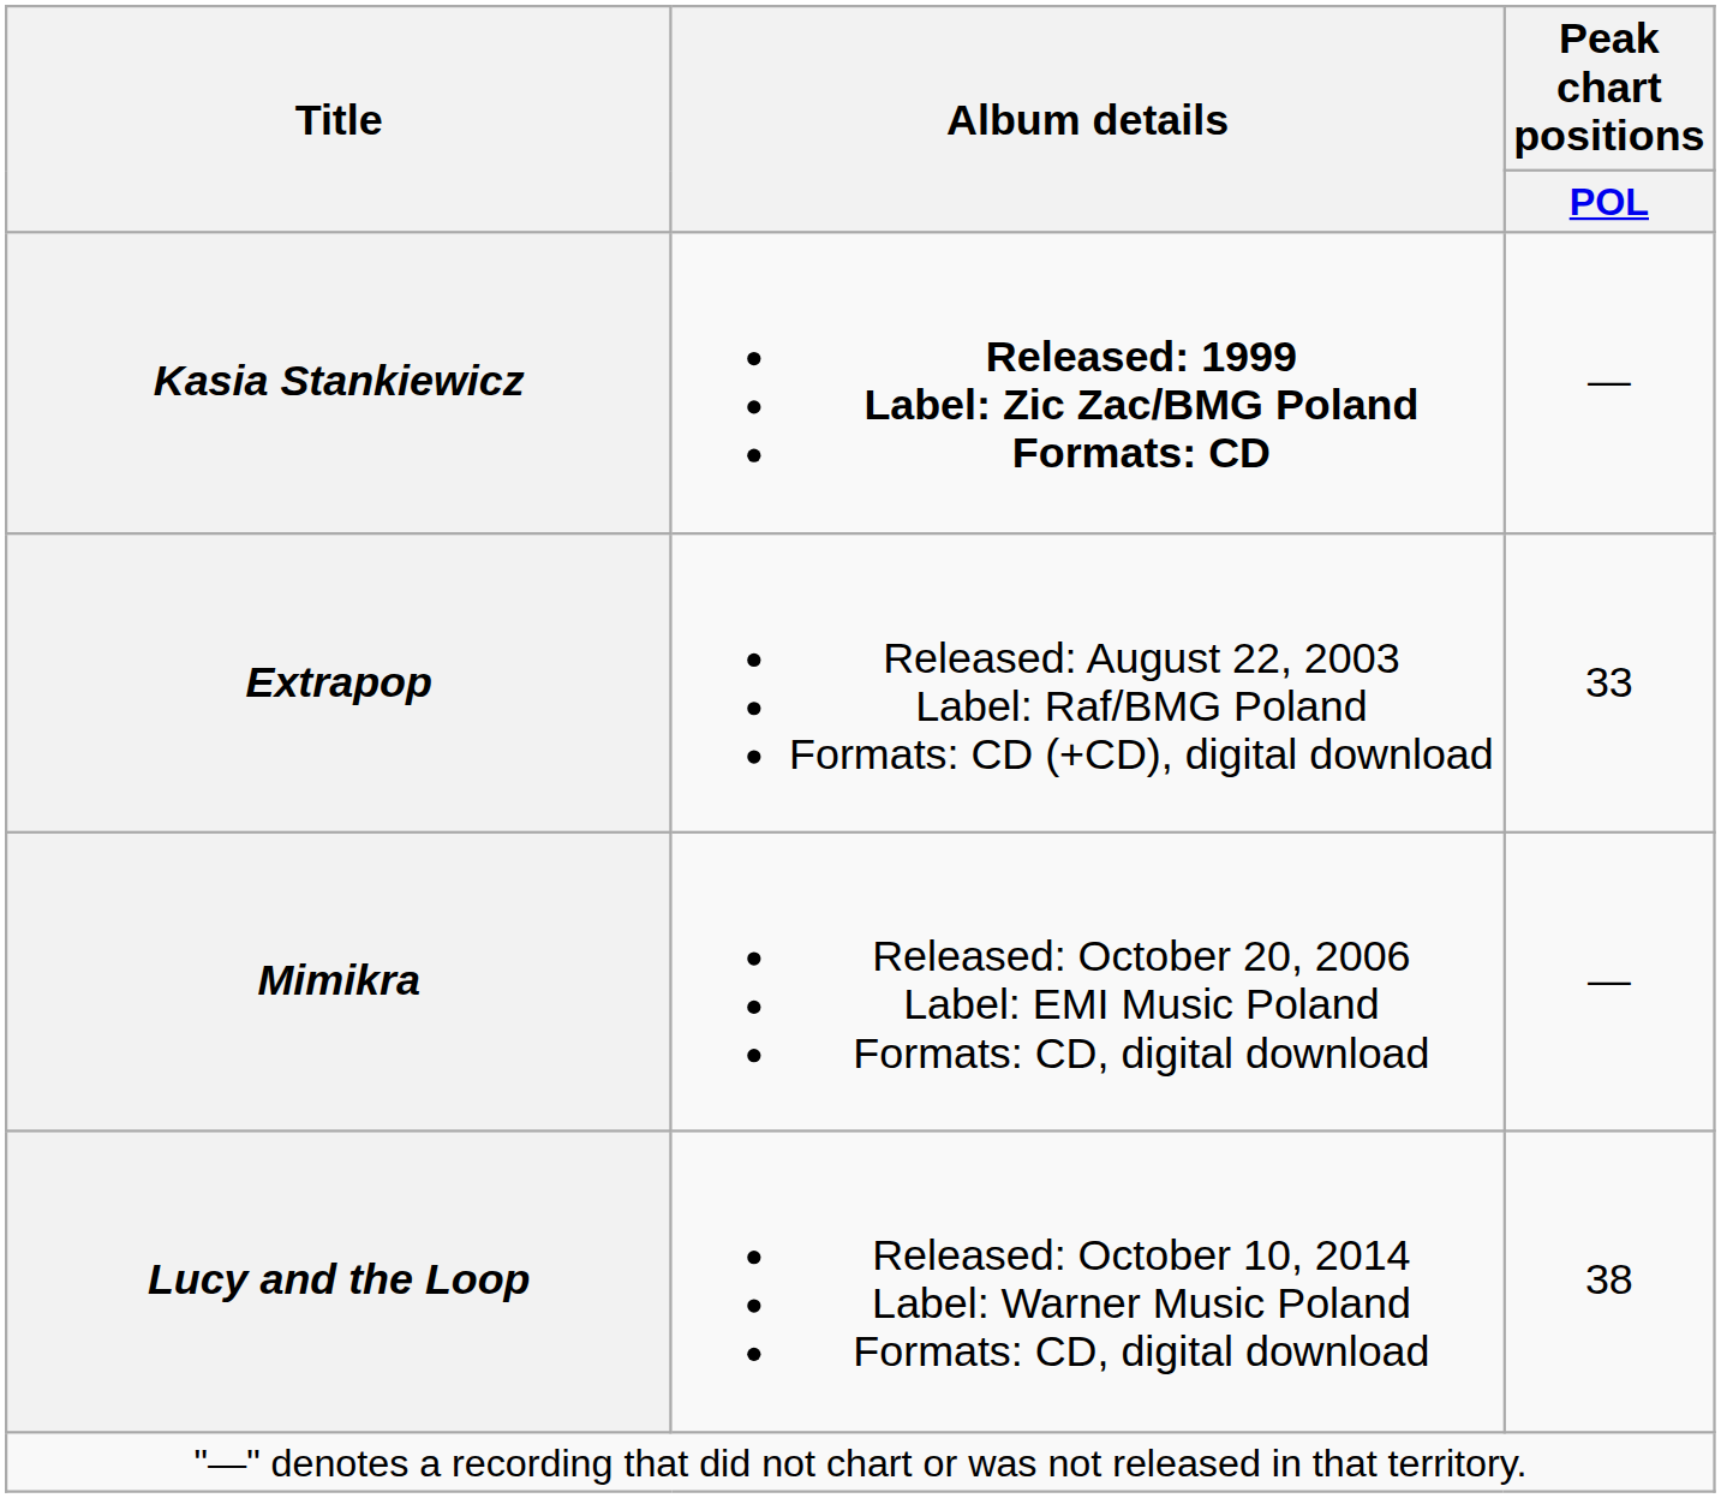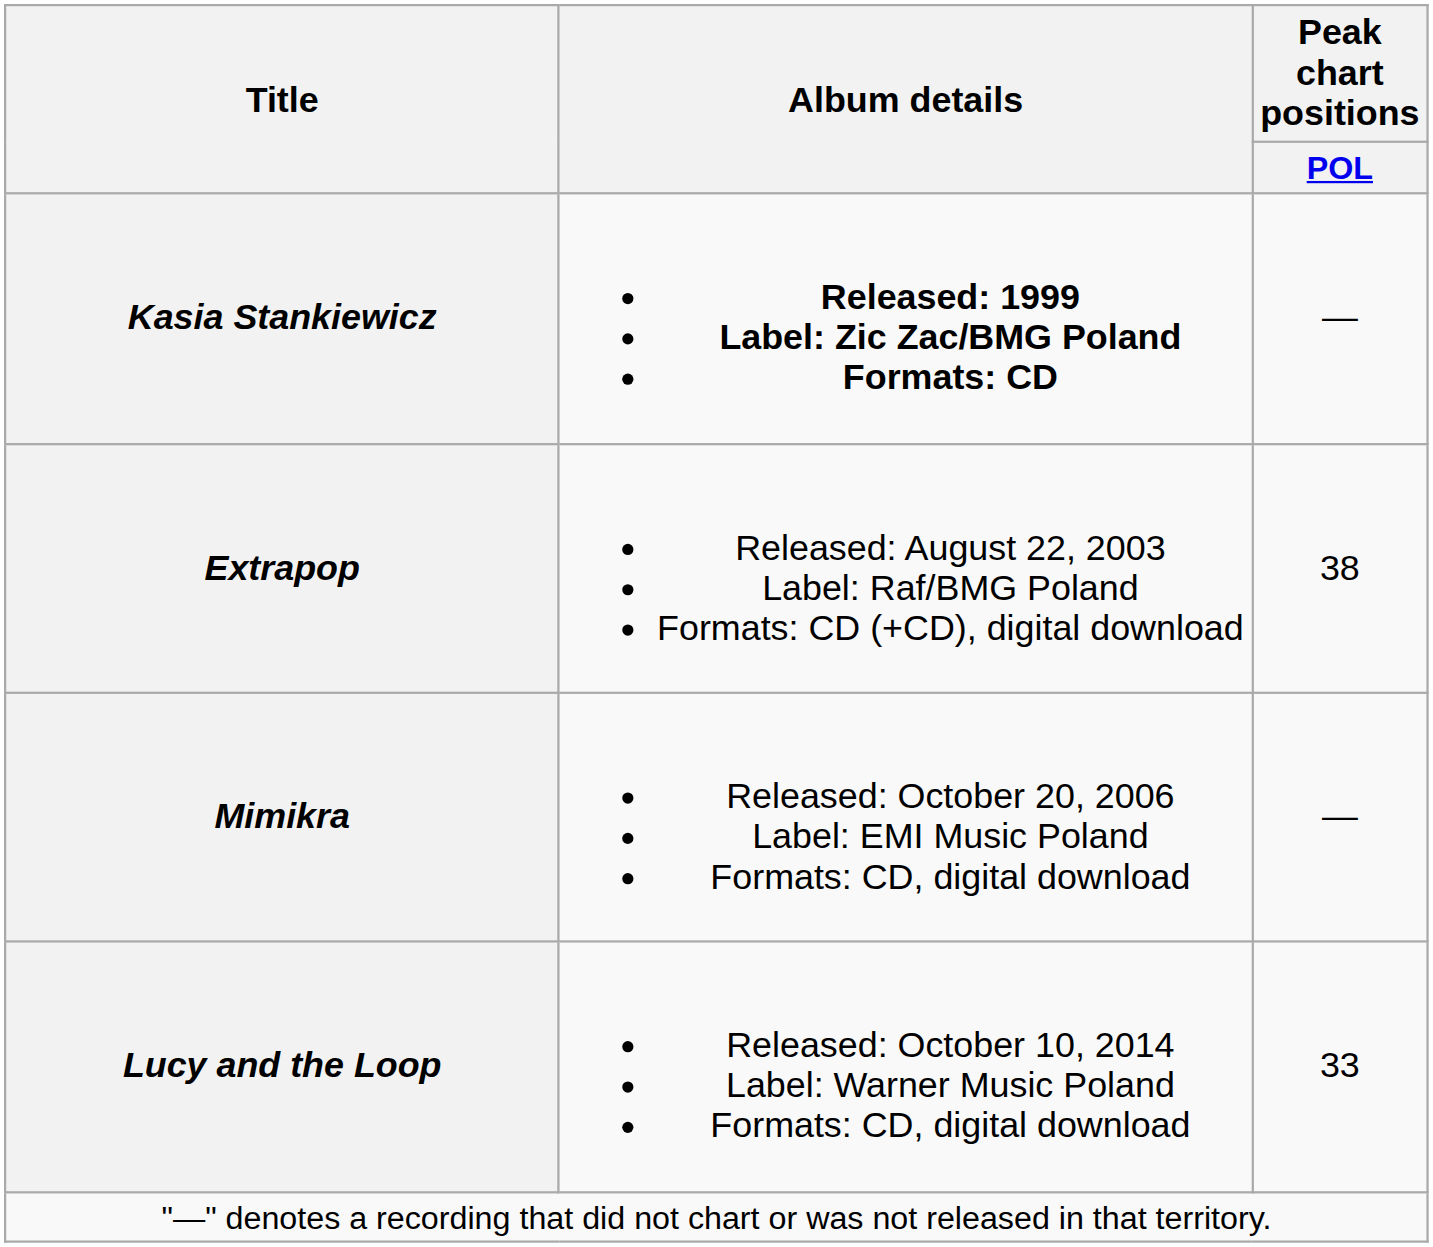 <table class="wikitable plainrowheaders" style="text-align:center;">
 <tr>
 <th scope="col" rowspan="2" style="width:15em;">Title</th>
 <th scope="col" rowspan="2">Album details</th>
 <th scope="col" colspan="1">Peak chart positions</th>
 </tr>
 <tr>
 <th scope="col" style="width:3em;font-size:90%;"><a href='#'>POL</a><br></th>
 </tr>
 <tr>
 <th scope="row"><em>Kasia Stankiewicz</em></th>
 <td><strong><br><ul><li>Released: 1999</li><li>Label: Zic Zac/BMG Poland</li><li>Formats: CD</li></ul></strong></td>
 <td>—</td>
 </tr>
 <tr>
 <th scope="row"><em>Extrapop</em></th>
 <td><br><ul><li>Released: August 22, 2003</li><li>Label: Raf/BMG Poland</li><li>Formats: CD (+CD), digital download</li></ul></td>
-<td>33</td>
+<td>38</td>
 </tr>
 <tr>
 <th scope="row"><em>Mimikra</em></th>
 <td><br><ul><li>Released: October 20, 2006</li><li>Label: EMI Music Poland</li><li>Formats: CD, digital download</li></ul></td>
 <td>—</td>
 </tr>
 <tr>
 <th scope="row"><em>Lucy and the Loop</em></th>
 <td><br><ul><li>Released: October 10, 2014</li><li>Label: Warner Music Poland</li><li>Formats: CD, digital download</li></ul></td>
-<td>38</td>
+<td>33</td>
 </tr>
 <tr>
 <td colspan="20" style="font-size:90%">"—" denotes a recording that did not chart or was not released in that territory.</td>
 </tr>
 </table>
